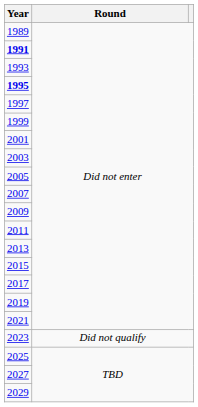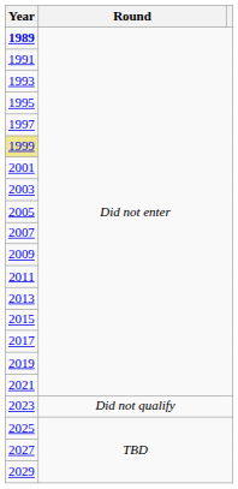 <table class="wikitable" style="text-align: center; font-size:90%">
 <tr>
 <th>Year</th>
 <th style="width:200px">Round</th>
 <th></th>
 </tr>
 <tr>
-<td><a href='#'>1989</a></td>
+<td><strong><a href='#'>1989</a></strong></td>
 <td colspan="2" rowspan="17"><em>Did not enter</em></td>
 </tr>
 <tr>
-<td><strong><a href='#'>1991</a></strong></td>
+<td><a href='#'>1991</a></td>
 </tr>
 <tr>
 <td><a href='#'>1993</a></td>
 </tr>
 <tr>
-<td><strong><a href='#'>1995</a></strong></td>
+<td><a href='#'>1995</a></td>
 </tr>
 <tr>
 <td><a href='#'>1997</a></td>
 </tr>
 <tr>
-<td><a href='#'>1999</a></td>
+<td style="background: khaki;"><a href='#'>1999</a></td>
 </tr>
 <tr>
 <td><a href='#'>2001</a></td>
 </tr>
 <tr>
 <td><a href='#'>2003</a></td>
 </tr>
 <tr>
 <td><a href='#'>2005</a></td>
 </tr>
 <tr>
 <td><a href='#'>2007</a></td>
 </tr>
 <tr>
 <td><a href='#'>2009</a></td>
 </tr>
 <tr>
 <td><a href='#'>2011</a></td>
 </tr>
 <tr>
 <td><a href='#'>2013</a></td>
 </tr>
 <tr>
 <td><a href='#'>2015</a></td>
 </tr>
 <tr>
 <td><a href='#'>2017</a></td>
 </tr>
 <tr>
 <td><a href='#'>2019</a></td>
 </tr>
 <tr>
 <td><a href='#'>2021</a></td>
 </tr>
 <tr>
 <td><a href='#'>2023</a></td>
 <td colspan="2"><em>Did not qualify</em></td>
 </tr>
 <tr>
 <td><a href='#'>2025</a></td>
 <td colspan="2" rowspan="3"><em>TBD</em></td>
 </tr>
 <tr>
 <td><a href='#'>2027</a></td>
 </tr>
 <tr>
 <td><a href='#'>2029</a></td>
 </tr>
 </table>
